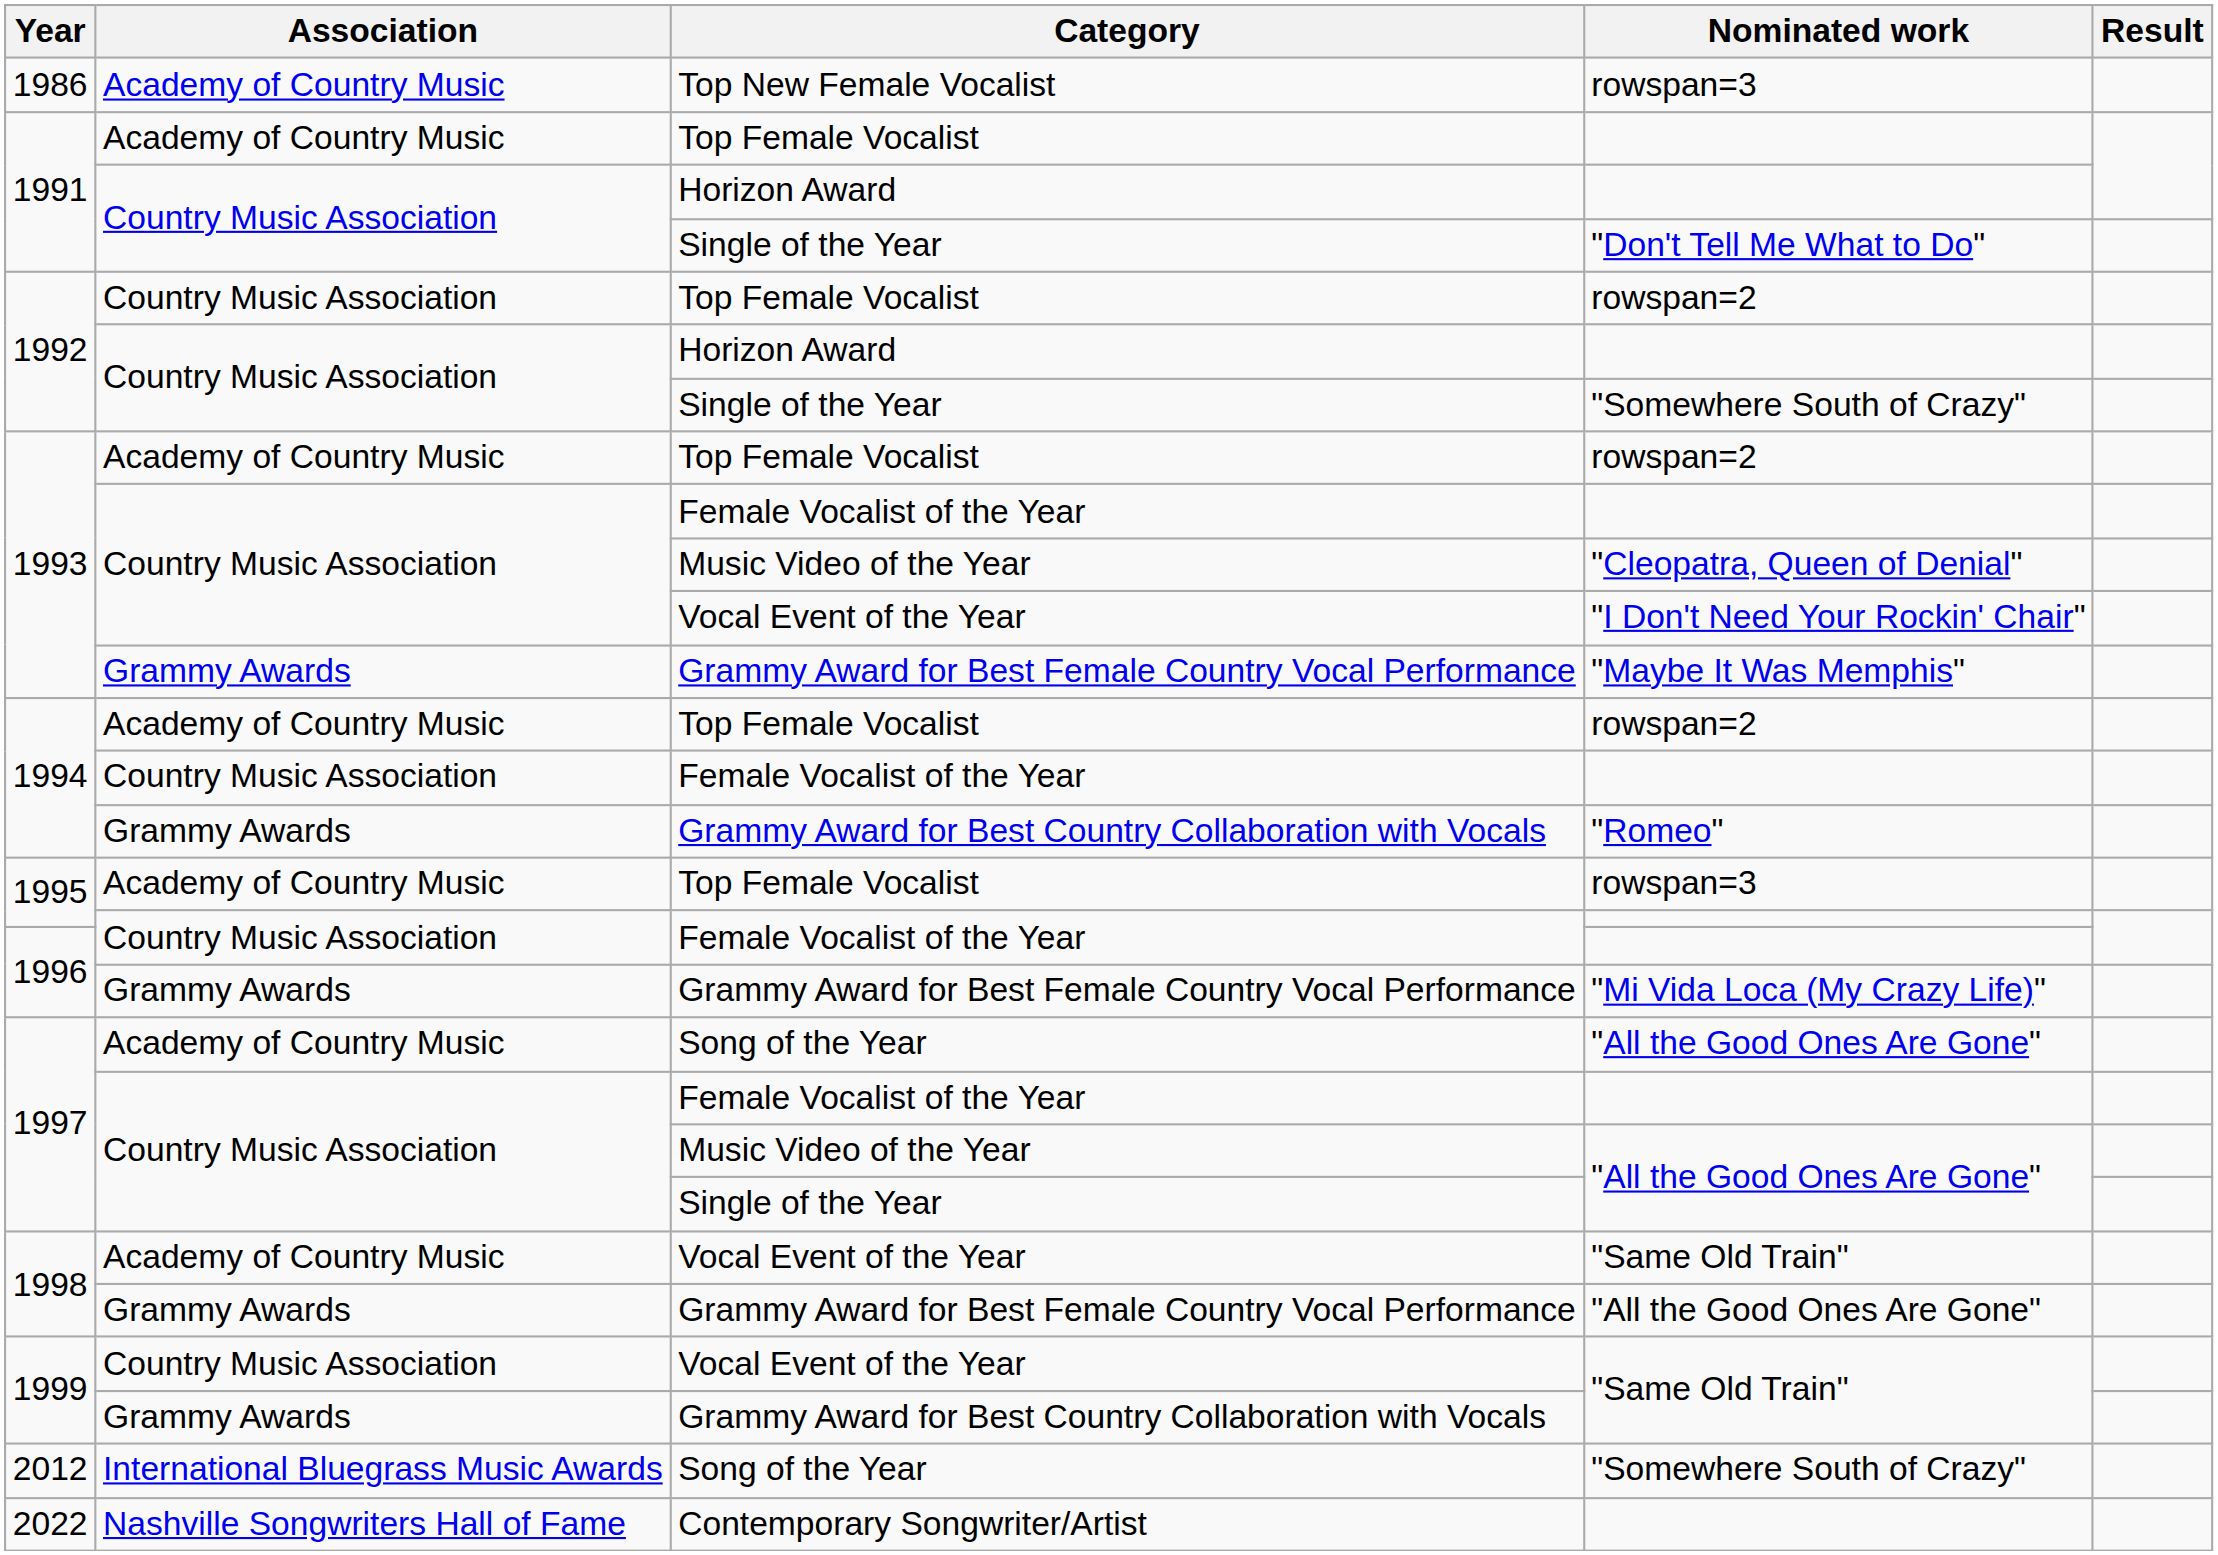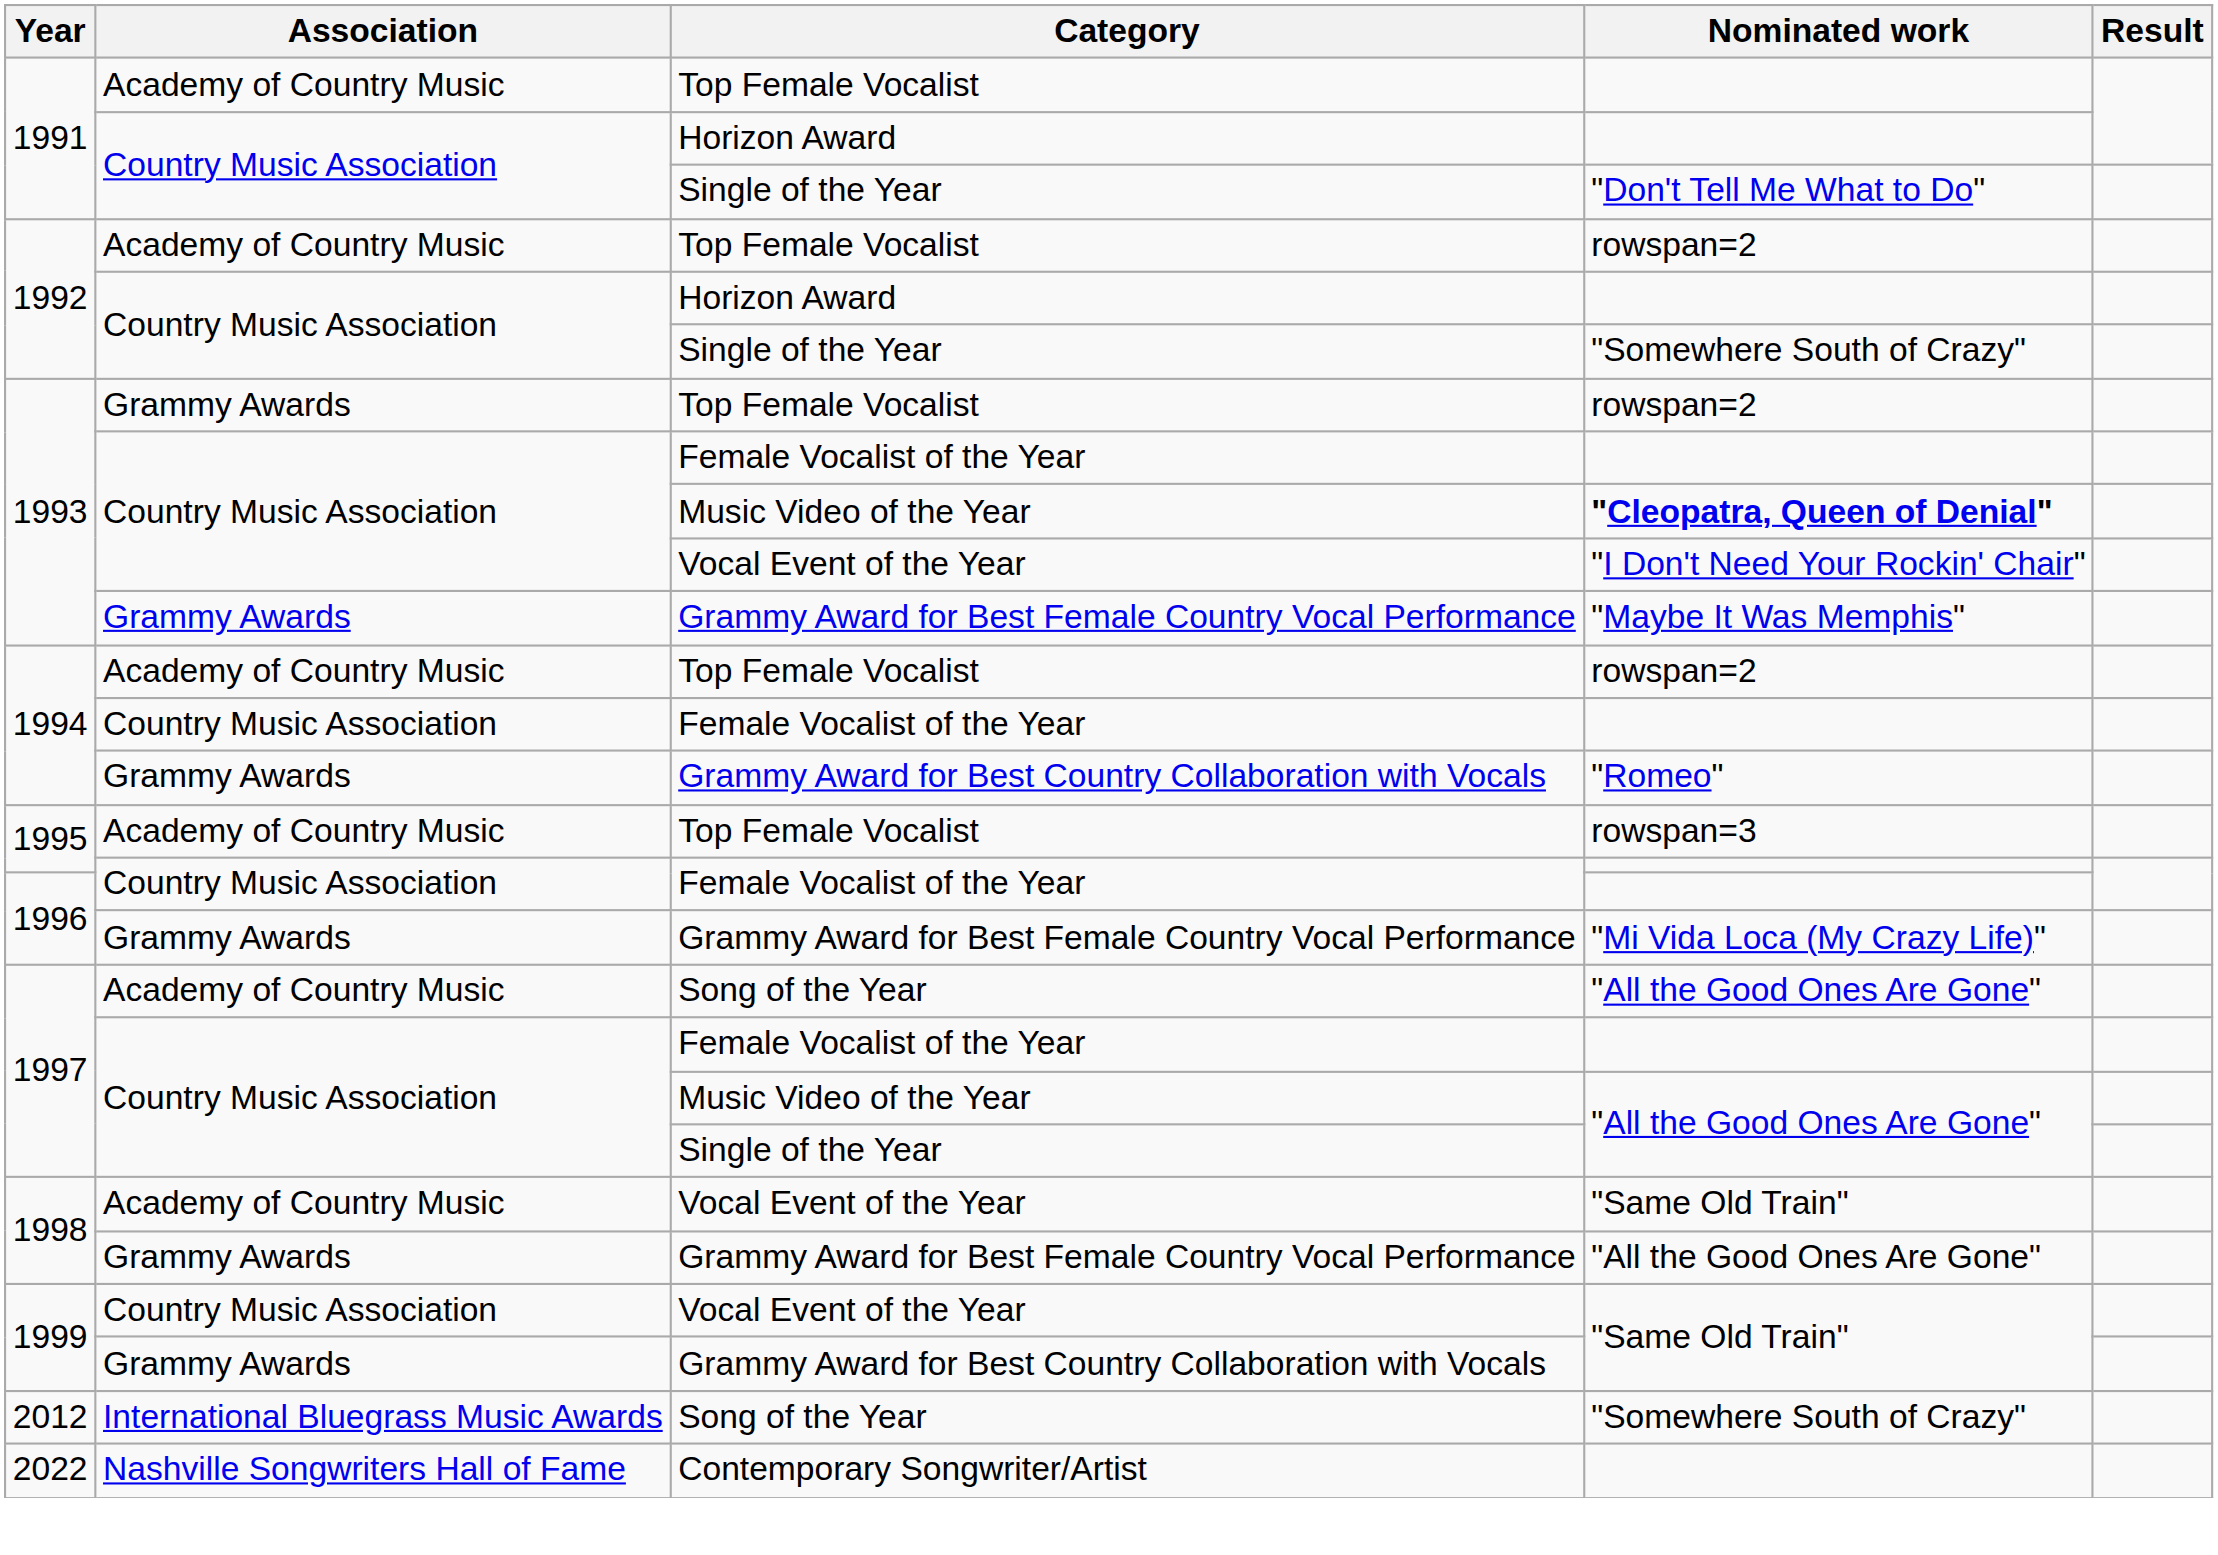 <table class="wikitable">
 <tr>
 <th>Year</th>
 <th>Association</th>
 <th>Category</th>
 <th>Nominated work</th>
 <th>Result</th>
-</tr>
-<tr>
-<td>1986</td>
-<td><a href='#'>Academy of Country Music</a></td>
-<td>Top New Female Vocalist</td>
-<td>rowspan=3</td>
-<td></td>
 </tr>
 <tr>
 <td rowspan=3>1991</td>
 <td>Academy of Country Music</td>
 <td>Top Female Vocalist</td>
 <td></td>
 </tr>
 <tr>
 <td rowspan=2><a href='#'>Country Music Association</a></td>
 <td>Horizon Award</td>
 <td></td>
 </tr>
 <tr>
 <td>Single of the Year</td>
 <td>"<a href='#'>Don't Tell Me What to Do</a>"</td>
 <td></td>
 </tr>
 <tr>
 <td rowspan=3>1992</td>
-<td>Country Music Association</td>
+<td>Academy of Country Music</td>
 <td>Top Female Vocalist</td>
 <td>rowspan=2</td>
 <td></td>
 </tr>
 <tr>
 <td rowspan=2>Country Music Association</td>
 <td>Horizon Award</td>
 <td></td>
 </tr>
 <tr>
 <td>Single of the Year</td>
 <td>"Somewhere South of Crazy"</td>
 <td></td>
 </tr>
 <tr>
 <td rowspan=5>1993</td>
-<td>Academy of Country Music</td>
+<td>Grammy Awards</td>
 <td>Top Female Vocalist</td>
 <td>rowspan=2</td>
 <td></td>
 </tr>
 <tr>
 <td rowspan=3>Country Music Association</td>
 <td>Female Vocalist of the Year</td>
 <td></td>
 </tr>
 <tr>
 <td>Music Video of the Year</td>
-<td>"<a href='#'>Cleopatra, Queen of Denial</a>"</td>
+<td><strong>"<a href='#'>Cleopatra, Queen of Denial</a>"</strong></td>
 <td></td>
 </tr>
 <tr>
 <td>Vocal Event of the Year</td>
 <td>"<a href='#'>I Don't Need Your Rockin' Chair</a>"</td>
 <td></td>
 </tr>
 <tr>
 <td><a href='#'>Grammy Awards</a></td>
 <td><a href='#'>Grammy Award for Best Female Country Vocal Performance</a></td>
 <td>"<a href='#'>Maybe It Was Memphis</a>"</td>
 <td></td>
 </tr>
 <tr>
 <td rowspan=3>1994</td>
 <td>Academy of Country Music</td>
 <td>Top Female Vocalist</td>
 <td>rowspan=2</td>
 <td></td>
 </tr>
 <tr>
 <td>Country Music Association</td>
 <td>Female Vocalist of the Year</td>
 <td></td>
 </tr>
 <tr>
 <td>Grammy Awards</td>
 <td><a href='#'>Grammy Award for Best Country Collaboration with Vocals</a></td>
 <td>"<a href='#'>Romeo</a>"</td>
 <td></td>
 </tr>
 <tr>
 <td rowspan=2>1995</td>
 <td>Academy of Country Music</td>
 <td>Top Female Vocalist</td>
 <td>rowspan=3</td>
 <td></td>
 </tr>
 <tr>
 <td rowspan=2>Country Music Association</td>
 <td rowspan=2>Female Vocalist of the Year</td>
 <td></td>
 </tr>
 <tr>
 <td rowspan=2>1996</td>
 <td></td>
 </tr>
 <tr>
 <td>Grammy Awards</td>
 <td>Grammy Award for Best Female Country Vocal Performance</td>
 <td>"<a href='#'>Mi Vida Loca (My Crazy Life)</a>"</td>
 <td></td>
 </tr>
 <tr>
 <td rowspan=4>1997</td>
 <td>Academy of Country Music</td>
 <td>Song of the Year</td>
 <td>"<a href='#'>All the Good Ones Are Gone</a>"</td>
 <td></td>
 </tr>
 <tr>
 <td rowspan=3>Country Music Association</td>
 <td>Female Vocalist of the Year</td>
 <td></td>
 <td></td>
 </tr>
 <tr>
 <td>Music Video of the Year</td>
 <td rowspan=2>"<a href='#'>All the Good Ones Are Gone</a>"</td>
 <td></td>
 </tr>
 <tr>
 <td>Single of the Year</td>
 <td></td>
 </tr>
 <tr>
 <td rowspan=2>1998</td>
 <td>Academy of Country Music</td>
 <td>Vocal Event of the Year</td>
 <td>"Same Old Train"</td>
 <td></td>
 </tr>
 <tr>
 <td>Grammy Awards</td>
 <td>Grammy Award for Best Female Country Vocal Performance</td>
 <td>"All the Good Ones Are Gone"</td>
 <td></td>
 </tr>
 <tr>
 <td rowspan=2>1999</td>
 <td>Country Music Association</td>
 <td>Vocal Event of the Year</td>
 <td rowspan=2>"Same Old Train"</td>
 <td></td>
 </tr>
 <tr>
 <td>Grammy Awards</td>
 <td>Grammy Award for Best Country Collaboration with Vocals</td>
 <td></td>
 </tr>
 <tr>
 <td>2012</td>
 <td><a href='#'>International Bluegrass Music Awards</a></td>
 <td>Song of the Year</td>
 <td>"Somewhere South of Crazy"</td>
 <td></td>
 </tr>
 <tr>
 <td>2022</td>
 <td><a href='#'>Nashville Songwriters Hall of Fame</a></td>
 <td>Contemporary Songwriter/Artist</td>
 <td></td>
 <td></td>
 </tr>
 </table>
